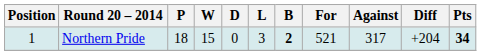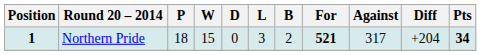 <table class="wikitable" style="text-align:center; font-size:85%;">
 <tr>
 <th width=40 abbr="Position">Position</th>
 <th width=100>Round 20 – 2014</th>
 <th width=20 abbr="Played">P</th>
 <th width=20 abbr="Won">W</th>
 <th width=20 abbr="Drawn">D</th>
 <th width=20 abbr="Lost">L</th>
 <th width=20 abbr="Bye">B</th>
 <th width=40 abbr="Points for">For</th>
 <th width=40 abbr="Points against">Against</th>
 <th width=40 abbr="Points difference">Diff</th>
 <th width=20 abbr="Points">Pts</th>
 </tr>
 <tr style="background: #d7ebed;">
-<td>1</td>
+<td><strong>1</strong></td>
 <td style="text-align:left;"> <a href='#'>Northern Pride</a></td>
 <td>18</td>
 <td>15</td>
 <td>0</td>
 <td>3</td>
-<td><strong>2</strong></td>
-<td>521</td>
+<td>2</td>
+<td><strong>521</strong></td>
 <td>317</td>
 <td>+204</td>
 <td><strong>34</strong></td>
 </tr>
 <tr>
 </tr>
 </table>
